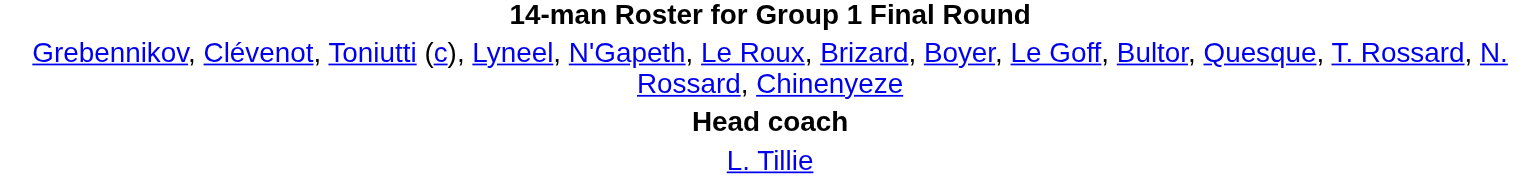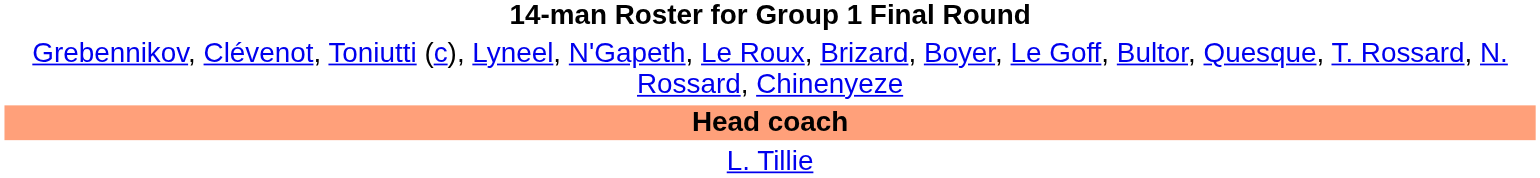 <table style="text-align:center; margin-top:2em; margin-left:auto; margin-right:auto">
 <tr>
 <td><strong>14-man Roster for Group 1 Final Round</strong></td>
 </tr>
 <tr>
 <td><a href='#'>Grebennikov</a>, <a href='#'>Clévenot</a>, <a href='#'>Toniutti</a> (<a href='#'>c</a>), <a href='#'>Lyneel</a>, <a href='#'>N'Gapeth</a>, <a href='#'>Le Roux</a>, <a href='#'>Brizard</a>, <a href='#'>Boyer</a>, <a href='#'>Le Goff</a>, <a href='#'>Bultor</a>, <a href='#'>Quesque</a>, <a href='#'>T. Rossard</a>, <a href='#'>N. Rossard</a>, <a href='#'>Chinenyeze</a></td>
 </tr>
 <tr>
-<td><strong>Head coach</strong></td>
+<td style="background: lightsalmon;"><strong>Head coach</strong></td>
 </tr>
 <tr>
 <td><a href='#'>L. Tillie</a></td>
 </tr>
 </table>
